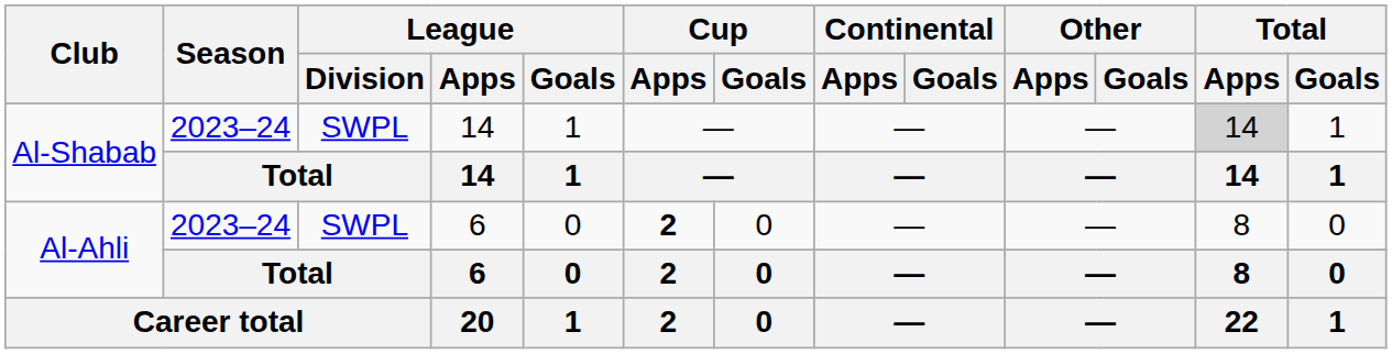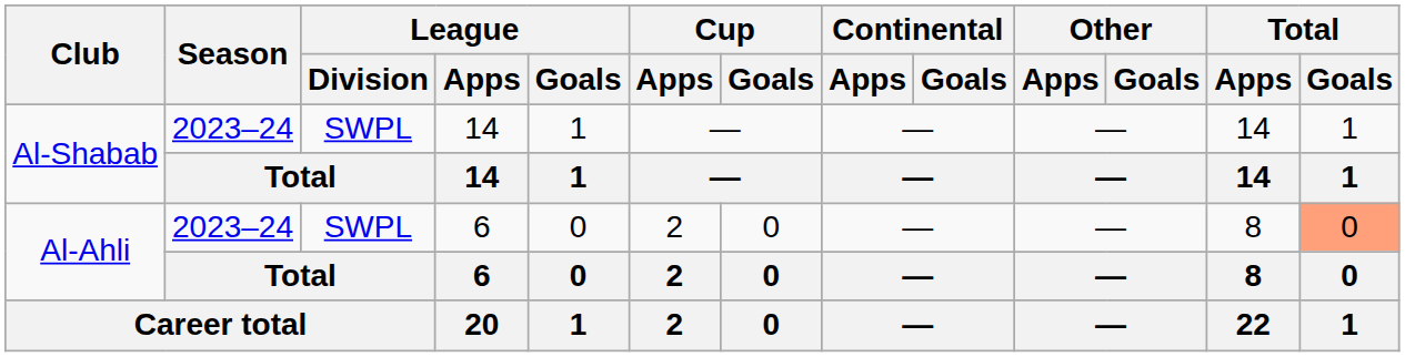 <table class="wikitable" style="text-align: center;">
 <tr>
 <th rowspan="2">Club</th>
 <th rowspan="2">Season</th>
 <th colspan="3">League</th>
 <th colspan="2">Cup</th>
 <th colspan="2">Continental</th>
 <th colspan="2">Other</th>
 <th colspan="2">Total</th>
 </tr>
 <tr>
 <th>Division</th>
 <th>Apps</th>
 <th>Goals</th>
 <th>Apps</th>
 <th>Goals</th>
 <th>Apps</th>
 <th>Goals</th>
 <th>Apps</th>
 <th>Goals</th>
 <th>Apps</th>
 <th>Goals</th>
 </tr>
 <tr>
 <td rowspan="2"><a href='#'>Al-Shabab</a></td>
 <td><a href='#'>2023–24</a></td>
 <td rowspan="1"><a href='#'>SWPL</a></td>
 <td>14</td>
 <td>1</td>
 <td colspan="2">—</td>
 <td colspan="2">—</td>
 <td colspan="2">—</td>
-<td style="background: lightgrey;">14</td>
+<td>14</td>
 <td>1</td>
 </tr>
 <tr>
 <th colspan="2">Total</th>
 <th>14</th>
 <th>1</th>
 <th colspan="2">—</th>
 <th colspan="2">—</th>
 <th colspan="2">—</th>
 <th>14</th>
 <th>1</th>
 </tr>
 <tr>
 <td rowspan="2"><a href='#'>Al-Ahli</a></td>
 <td><a href='#'>2023–24</a></td>
 <td rowspan="1"><a href='#'>SWPL</a></td>
 <td>6</td>
 <td>0</td>
-<td><strong>2</strong></td>
+<td>2</td>
 <td>0</td>
 <td colspan="2">—</td>
 <td colspan="2">—</td>
 <td>8</td>
-<td>0</td>
+<td style="background: lightsalmon;">0</td>
 </tr>
 <tr>
 <th colspan="2">Total</th>
 <th>6</th>
 <th>0</th>
 <th>2</th>
 <th>0</th>
 <th colspan="2">—</th>
 <th colspan="2">—</th>
 <th>8</th>
 <th>0</th>
 </tr>
 <tr>
 <th colspan="3">Career total</th>
 <th>20</th>
 <th>1</th>
 <th>2</th>
 <th>0</th>
 <th colspan="2">—</th>
 <th colspan="2">—</th>
 <th>22</th>
 <th>1</th>
 </tr>
 </table>
